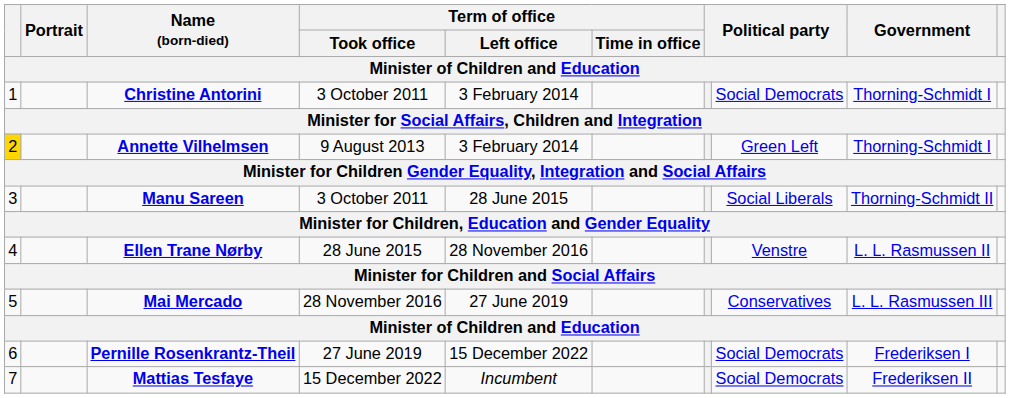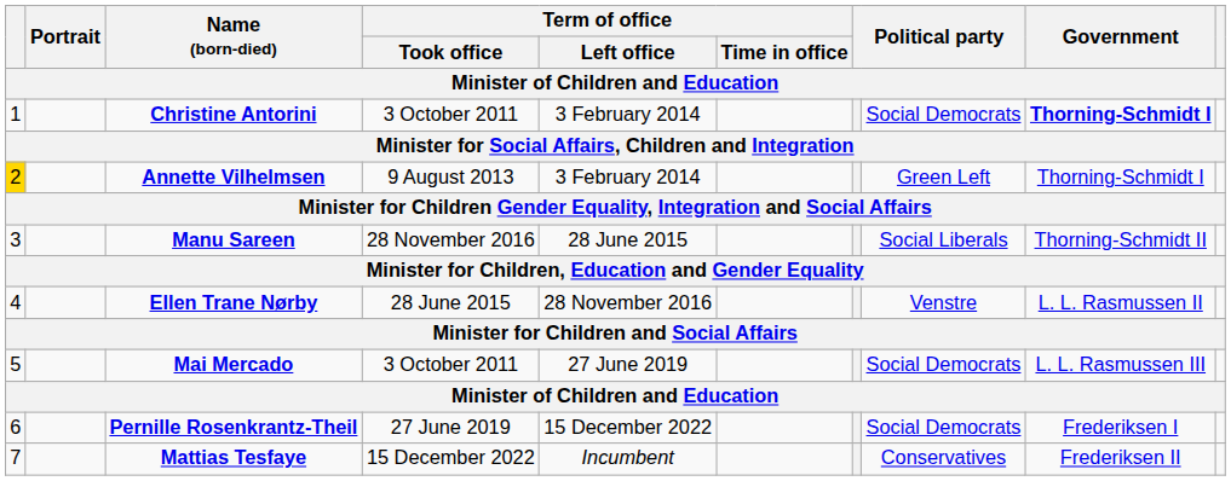 <table class="wikitable" style="text-align:center;">
 <tr>
 <th rowspan=2></th>
 <th rowspan=2>Portrait</th>
 <th rowspan=2>Name<br><small>(born-died)</small></th>
 <th colspan=3>Term of office</th>
 <th colspan=2 rowspan=2>Political party</th>
 <th rowspan=2>Government</th>
 <th rowspan=2></th>
 </tr>
 <tr>
 <th>Took office</th>
 <th>Left office</th>
 <th>Time in office</th>
 </tr>
 <tr>
 <th colspan=10>Minister of Children and <a href='#'>Education</a><br></th>
 </tr>
 <tr>
 <td>1</td>
 <td></td>
 <td><strong><a href='#'>Christine Antorini</a></strong><br></td>
 <td>3 October 2011</td>
 <td>3 February 2014</td>
 <td></td>
 <th style="background:"></th>
 <td><a href='#'>Social Democrats</a></td>
-<td><a href='#'>Thorning-Schmidt I</a></td>
+<td><strong><a href='#'>Thorning-Schmidt I</a></strong></td>
 <td></td>
 </tr>
 <tr>
 <th colspan=10>Minister for <a href='#'>Social Affairs</a>, Children and <a href='#'>Integration</a><br></th>
 </tr>
 <tr>
 <td style="background: gold;">2</td>
 <td></td>
 <td><strong><a href='#'>Annette Vilhelmsen</a></strong><br></td>
 <td>9 August 2013</td>
 <td>3 February 2014</td>
 <td></td>
 <th style="background:"></th>
 <td><a href='#'>Green Left</a></td>
 <td><a href='#'>Thorning-Schmidt I</a></td>
 <td></td>
 </tr>
 <tr>
 <th colspan=10>Minister for Children <a href='#'>Gender Equality</a>, <a href='#'>Integration</a> and <a href='#'>Social Affairs</a><br></th>
 </tr>
 <tr>
 <td>3</td>
 <td></td>
 <td><strong><a href='#'>Manu Sareen</a></strong><br></td>
-<td>3 October 2011</td>
+<td>28 November 2016</td>
 <td>28 June 2015</td>
 <td></td>
 <th style="background:"></th>
 <td><a href='#'>Social Liberals</a></td>
 <td><a href='#'>Thorning-Schmidt II</a></td>
 <td></td>
 </tr>
 <tr>
 <th colspan=10>Minister for Children, <a href='#'>Education</a> and <a href='#'>Gender Equality</a><br></th>
 </tr>
 <tr>
 <td>4</td>
 <td></td>
 <td><strong><a href='#'>Ellen Trane Nørby</a></strong><br></td>
 <td>28 June 2015</td>
 <td>28 November 2016</td>
 <td></td>
 <th style="background:"></th>
 <td><a href='#'>Venstre</a></td>
 <td><a href='#'>L. L. Rasmussen II</a></td>
 <td></td>
 </tr>
 <tr>
 <th colspan=10>Minister for Children and <a href='#'>Social Affairs</a><br></th>
 </tr>
 <tr>
 <td>5</td>
 <td></td>
 <td><strong><a href='#'>Mai Mercado</a></strong><br></td>
-<td>28 November 2016</td>
+<td>3 October 2011</td>
 <td>27 June 2019</td>
 <td></td>
 <th style="background:"></th>
-<td><a href='#'>Conservatives</a></td>
+<td><a href='#'>Social Democrats</a></td>
 <td><a href='#'>L. L. Rasmussen III</a></td>
 <td></td>
 </tr>
 <tr>
 <th colspan=10>Minister of Children and <a href='#'>Education</a><br></th>
 </tr>
 <tr>
 <td>6</td>
 <td></td>
 <td><strong><a href='#'>Pernille Rosenkrantz-Theil</a></strong><br></td>
 <td>27 June 2019</td>
 <td>15 December 2022</td>
 <td></td>
 <th style="background:"></th>
 <td><a href='#'>Social Democrats</a></td>
 <td><a href='#'>Frederiksen I</a></td>
 <td></td>
 </tr>
 <tr>
 <td>7</td>
 <td></td>
 <td><strong><a href='#'>Mattias Tesfaye</a></strong><br></td>
 <td>15 December 2022</td>
 <td><em>Incumbent</em></td>
 <td></td>
 <th style="background:"></th>
-<td><a href='#'>Social Democrats</a></td>
+<td><a href='#'>Conservatives</a></td>
 <td><a href='#'>Frederiksen II</a></td>
 <td></td>
 </tr>
 </table>
